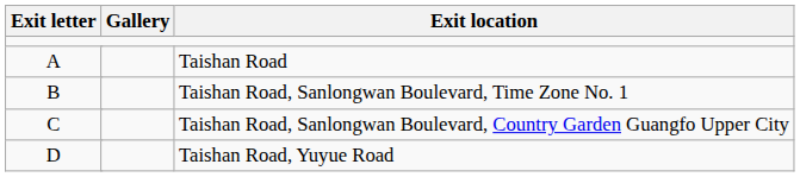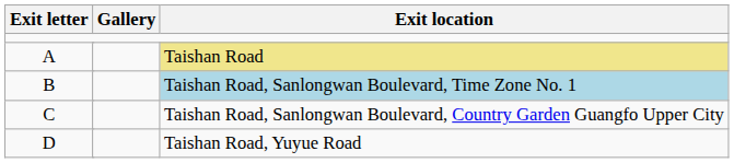 <table class="wikitable">
 <tr>
 <th colspan=2 style="width:70px">Exit letter</th>
 <th>Gallery</th>
 <th>Exit location</th>
 </tr>
 <tr style="background:#">
 <td colspan="4"></td>
 </tr>
 <tr>
 <td colspan=2 align=center>A</td>
 <td></td>
-<td>Taishan Road</td>
+<td style="background: khaki;">Taishan Road</td>
 </tr>
 <tr>
 <td colspan=2 align=center>B</td>
 <td></td>
-<td>Taishan Road, Sanlongwan Boulevard, Time Zone No. 1</td>
+<td style="background: lightblue;">Taishan Road, Sanlongwan Boulevard, Time Zone No. 1</td>
 </tr>
 <tr>
 <td colspan=2 align=center>C</td>
 <td></td>
 <td>Taishan Road, Sanlongwan Boulevard, <a href='#'>Country Garden</a> Guangfo Upper City</td>
 </tr>
 <tr>
 <td colspan=2 align=center>D</td>
 <td></td>
 <td>Taishan Road, Yuyue Road</td>
 </tr>
 </table>
